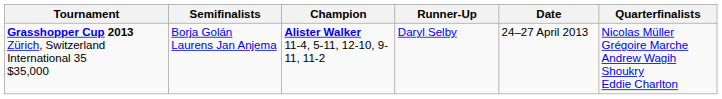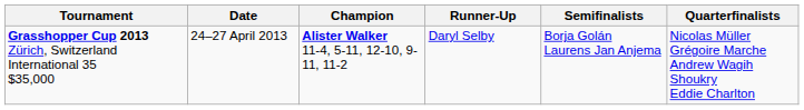 <table class="wikitable" style="font-size:88%">
 <tr>
 <th width=250>Tournament</th>
-<th width=155>Semifinalists</th>
+<th width=160>Date</th>
 <th width=165>Champion</th>
 <th width=155>Runner-Up</th>
-<th width=160>Date</th>
+<th width=155>Semifinalists</th>
 <th width=155>Quarterfinalists</th>
 </tr>
 <tr valign=top>
 <td><strong><a href='#'>Grasshopper Cup</a> 2013</strong><br> <a href='#'>Zürich</a>, Switzerland<br>International 35<br>$35,000</td>
-<td> <a href='#'>Borja Golán</a><br> <a href='#'>Laurens Jan Anjema</a></td>
+<td>24–27 April 2013</td>
 <td> <strong><a href='#'>Alister Walker</a></strong><br>11-4, 5-11, 12-10, 9-11, 11-2</td>
 <td> <a href='#'>Daryl Selby</a></td>
-<td>24–27 April 2013</td>
+<td> <a href='#'>Borja Golán</a><br> <a href='#'>Laurens Jan Anjema</a></td>
 <td> <a href='#'>Nicolas Müller</a><br> <a href='#'>Grégoire Marche</a><br> <a href='#'>Andrew Wagih Shoukry</a><br> <a href='#'>Eddie Charlton</a></td>
 </tr>
 </table>
